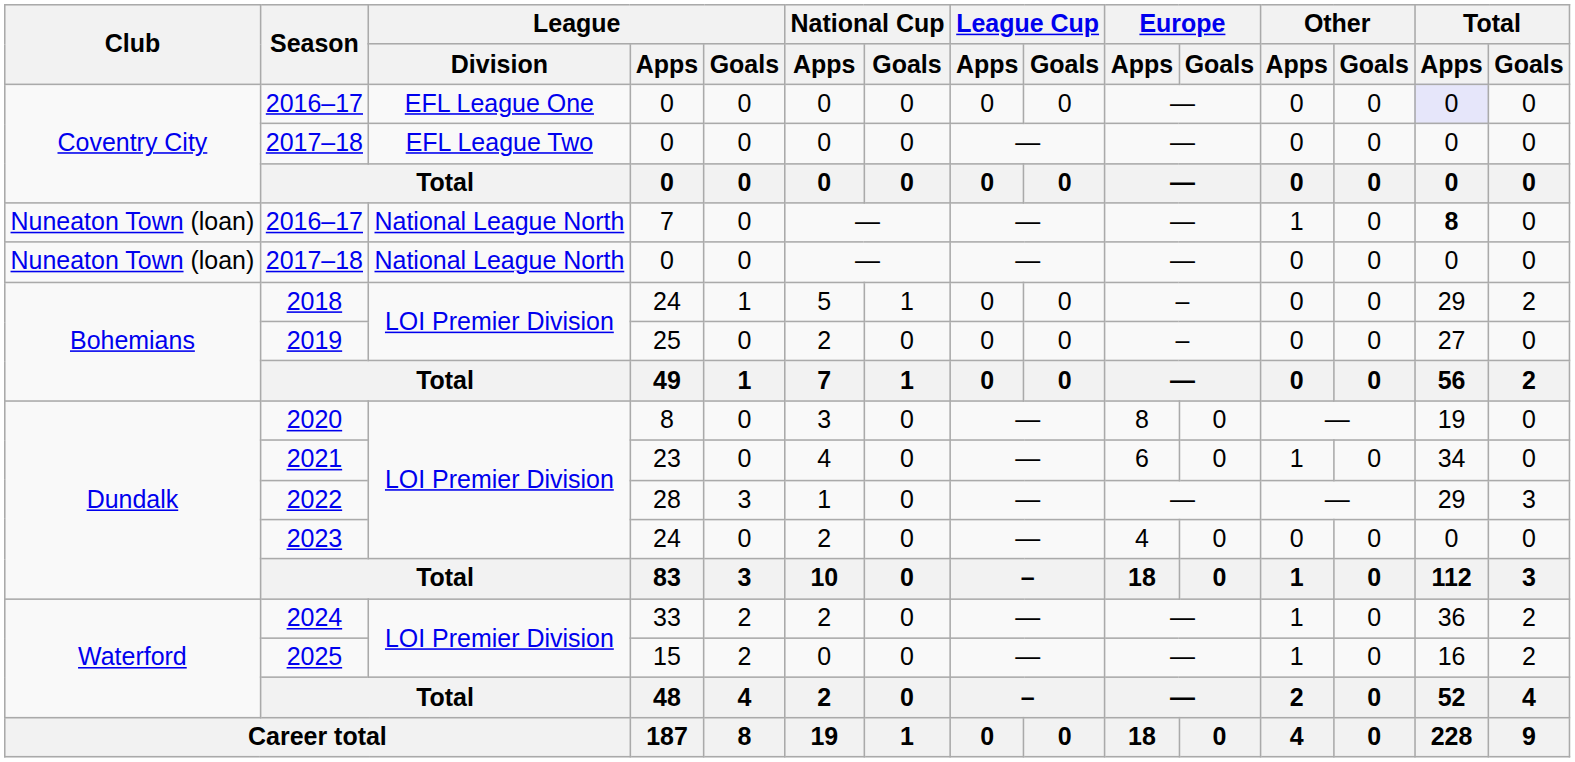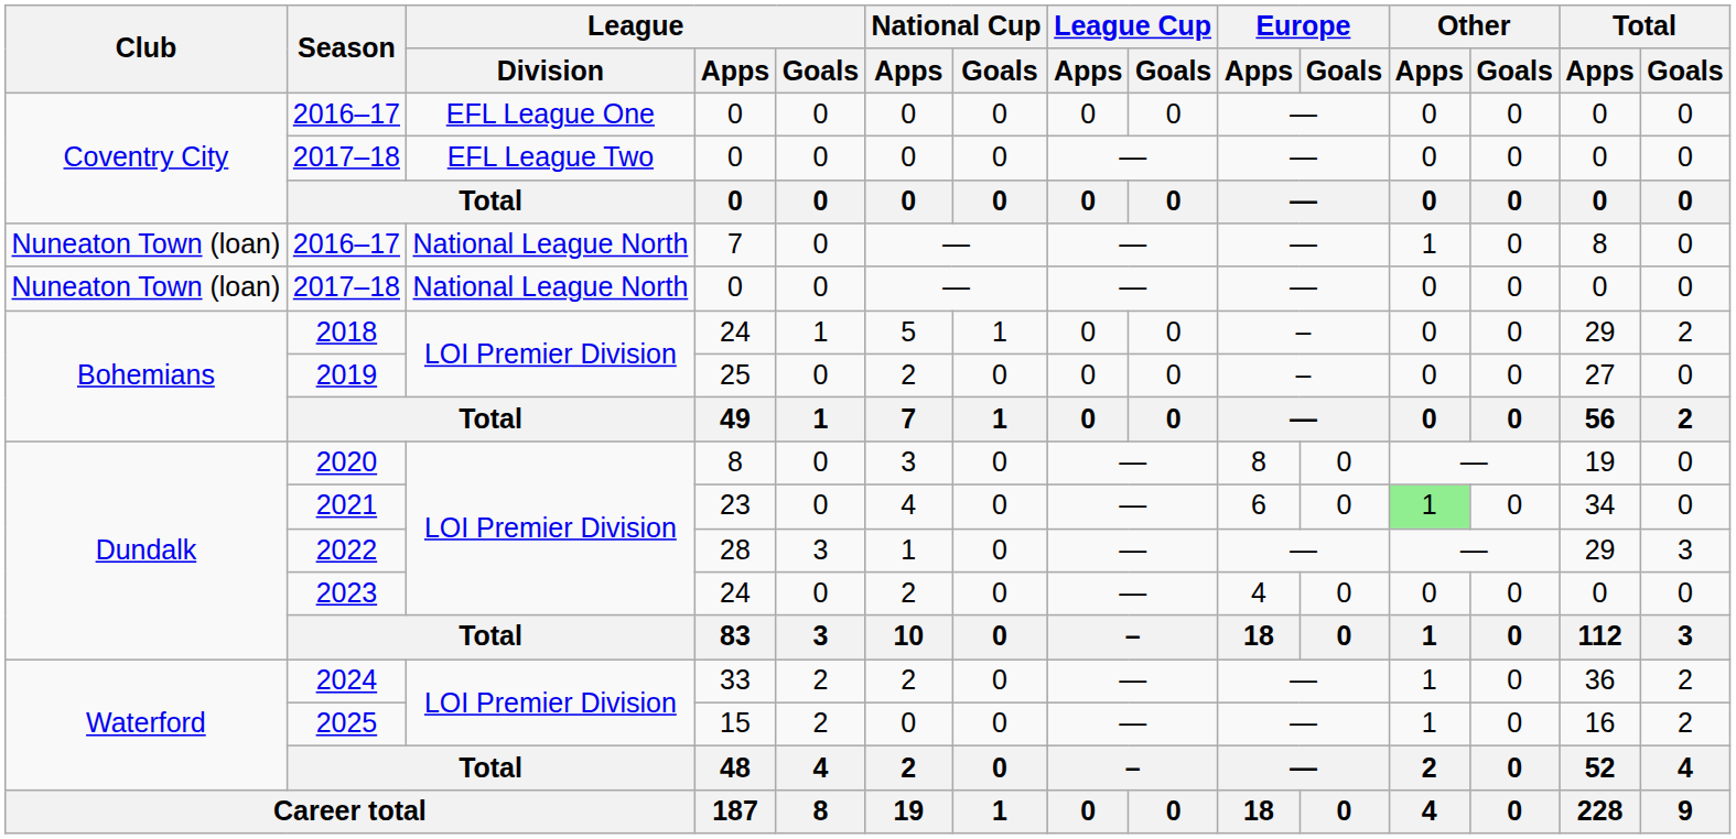 <table class=wikitable style="text-align: center">
 <tr>
 <th rowspan=2>Club</th>
 <th rowspan=2>Season</th>
 <th colspan=3>League</th>
 <th colspan=2>National Cup</th>
 <th colspan=2><a href='#'>League Cup</a></th>
 <th colspan=2><a href='#'>Europe</a></th>
 <th colspan=2>Other</th>
 <th colspan=2>Total</th>
 </tr>
 <tr>
 <th>Division</th>
 <th>Apps</th>
 <th>Goals</th>
 <th>Apps</th>
 <th>Goals</th>
 <th>Apps</th>
 <th>Goals</th>
 <th>Apps</th>
 <th>Goals</th>
 <th>Apps</th>
 <th>Goals</th>
 <th>Apps</th>
 <th>Goals</th>
 </tr>
 <tr>
 <td rowspan="3"><a href='#'>Coventry City</a></td>
 <td><a href='#'>2016–17</a></td>
 <td><a href='#'>EFL League One</a></td>
 <td>0</td>
 <td>0</td>
 <td>0</td>
 <td>0</td>
 <td>0</td>
 <td>0</td>
 <td colspan="2">—</td>
 <td>0</td>
 <td>0</td>
-<td style="background: lavender;">0</td>
+<td>0</td>
 <td>0</td>
 </tr>
 <tr>
 <td><a href='#'>2017–18</a></td>
 <td><a href='#'>EFL League Two</a></td>
 <td>0</td>
 <td>0</td>
 <td>0</td>
 <td>0</td>
 <td colspan="2">—</td>
 <td colspan="2">—</td>
 <td>0</td>
 <td>0</td>
 <td>0</td>
 <td>0</td>
 </tr>
 <tr>
 <th colspan="2">Total</th>
 <th>0</th>
 <th>0</th>
 <th>0</th>
 <th>0</th>
 <th>0</th>
 <th>0</th>
 <th colspan="2">—</th>
 <th>0</th>
 <th>0</th>
 <th>0</th>
 <th>0</th>
 </tr>
 <tr>
 <td><a href='#'>Nuneaton Town</a> (loan)</td>
 <td><a href='#'>2016–17</a></td>
 <td><a href='#'>National League North</a></td>
 <td>7</td>
 <td>0</td>
 <td colspan="2">—</td>
 <td colspan="2">—</td>
 <td colspan="2">—</td>
 <td>1</td>
 <td>0</td>
-<td><strong>8</strong></td>
+<td>8</td>
 <td>0</td>
 </tr>
 <tr>
 <td><a href='#'>Nuneaton Town</a> (loan)</td>
 <td><a href='#'>2017–18</a></td>
 <td><a href='#'>National League North</a></td>
 <td>0</td>
 <td>0</td>
 <td colspan="2">—</td>
 <td colspan="2">—</td>
 <td colspan="2">—</td>
 <td>0</td>
 <td>0</td>
 <td>0</td>
 <td>0</td>
 </tr>
 <tr>
 <td rowspan="3"><a href='#'>Bohemians</a></td>
 <td><a href='#'>2018</a></td>
 <td rowspan="2"><a href='#'>LOI Premier Division</a></td>
 <td>24</td>
 <td>1</td>
 <td>5</td>
 <td>1</td>
 <td>0</td>
 <td>0</td>
 <td colspan="2">–</td>
 <td>0</td>
 <td>0</td>
 <td>29</td>
 <td>2</td>
 </tr>
 <tr>
 <td><a href='#'>2019</a></td>
 <td>25</td>
 <td>0</td>
 <td>2</td>
 <td>0</td>
 <td>0</td>
 <td>0</td>
 <td colspan="2">–</td>
 <td>0</td>
 <td>0</td>
 <td>27</td>
 <td>0</td>
 </tr>
 <tr>
 <th colspan="2">Total</th>
 <th>49</th>
 <th>1</th>
 <th>7</th>
 <th>1</th>
 <th>0</th>
 <th>0</th>
 <th colspan="2">—</th>
 <th>0</th>
 <th>0</th>
 <th>56</th>
 <th>2</th>
 </tr>
 <tr>
 <td rowspan="5"><a href='#'>Dundalk</a></td>
 <td><a href='#'>2020</a></td>
 <td rowspan="4"><a href='#'>LOI Premier Division</a></td>
 <td>8</td>
 <td>0</td>
 <td>3</td>
 <td>0</td>
 <td colspan="2">—</td>
 <td>8</td>
 <td>0</td>
 <td colspan="2">—</td>
 <td>19</td>
 <td>0</td>
 </tr>
 <tr>
 <td><a href='#'>2021</a></td>
 <td>23</td>
 <td>0</td>
 <td>4</td>
 <td>0</td>
 <td colspan="2">—</td>
 <td>6</td>
 <td>0</td>
-<td>1</td>
+<td style="background: lightgreen;">1</td>
 <td>0</td>
 <td>34</td>
 <td>0</td>
 </tr>
 <tr>
 <td><a href='#'>2022</a></td>
 <td>28</td>
 <td>3</td>
 <td>1</td>
 <td>0</td>
 <td colspan="2">—</td>
 <td colspan="2">—</td>
 <td colspan="2">—</td>
 <td>29</td>
 <td>3</td>
 </tr>
 <tr>
 <td><a href='#'>2023</a></td>
 <td>24</td>
 <td>0</td>
 <td>2</td>
 <td>0</td>
 <td colspan="2">—</td>
 <td>4</td>
 <td>0</td>
 <td>0</td>
 <td>0</td>
 <td>0</td>
 <td>0</td>
 </tr>
 <tr>
 <th colspan="2">Total</th>
 <th>83</th>
 <th>3</th>
 <th>10</th>
 <th>0</th>
 <th colspan="2">–</th>
 <th>18</th>
 <th>0</th>
 <th>1</th>
 <th>0</th>
 <th>112</th>
 <th>3</th>
 </tr>
 <tr>
 <td rowspan="3"><a href='#'>Waterford</a></td>
 <td><a href='#'>2024</a></td>
 <td rowspan="2"><a href='#'>LOI Premier Division</a></td>
 <td>33</td>
 <td>2</td>
 <td>2</td>
 <td>0</td>
 <td colspan="2">—</td>
 <td colspan="2">—</td>
 <td>1</td>
 <td>0</td>
 <td>36</td>
 <td>2</td>
 </tr>
 <tr>
 <td><a href='#'>2025</a></td>
 <td>15</td>
 <td>2</td>
 <td>0</td>
 <td>0</td>
 <td colspan="2">—</td>
 <td colspan="2">—</td>
 <td>1</td>
 <td>0</td>
 <td>16</td>
 <td>2</td>
 </tr>
 <tr>
 <th colspan="2">Total</th>
 <th>48</th>
 <th>4</th>
 <th>2</th>
 <th>0</th>
 <th colspan="2">–</th>
 <th colspan="2">—</th>
 <th>2</th>
 <th>0</th>
 <th>52</th>
 <th>4</th>
 </tr>
 <tr>
 <th colspan="3">Career total</th>
 <th>187</th>
 <th>8</th>
 <th>19</th>
 <th>1</th>
 <th>0</th>
 <th>0</th>
 <th>18</th>
 <th>0</th>
 <th>4</th>
 <th>0</th>
 <th>228</th>
 <th>9</th>
 </tr>
 </table>
